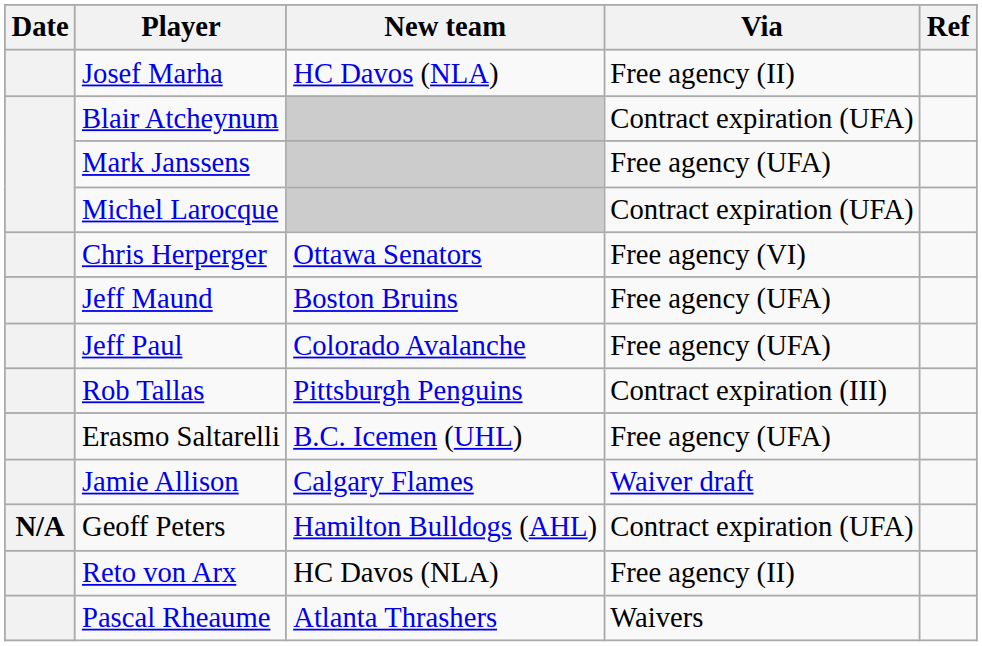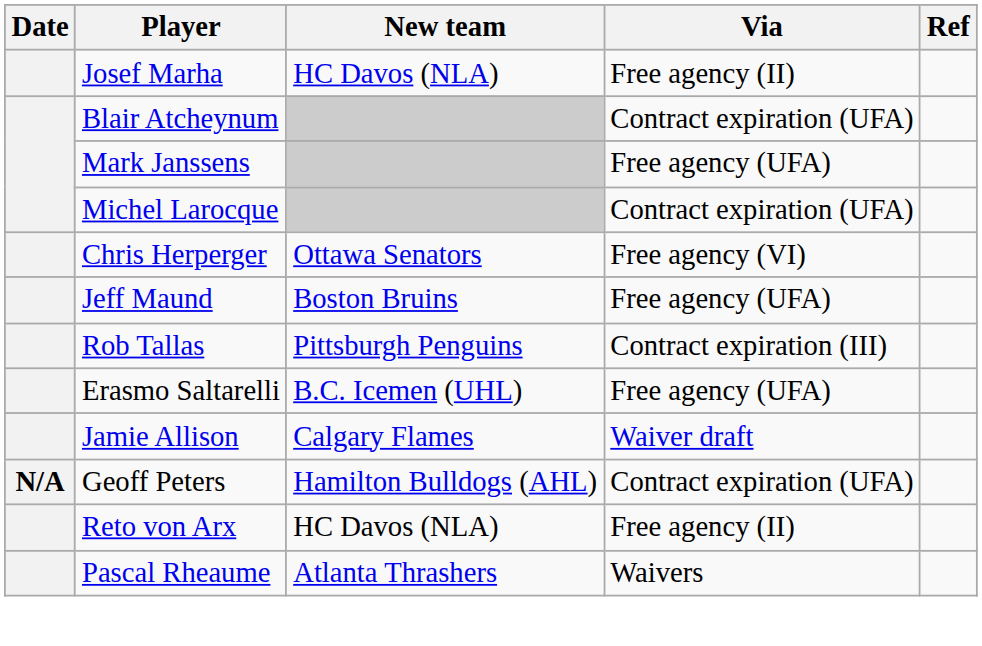 <table class="wikitable plainrowheaders">
 <tr style="background:#ddd; text-align:center;">
 <th>Date</th>
 <th>Player</th>
 <th>New team</th>
 <th>Via</th>
 <th>Ref</th>
 </tr>
 <tr>
 <th scope="row"></th>
 <td><a href='#'>Josef Marha</a></td>
 <td><a href='#'>HC Davos</a> (<a href='#'>NLA</a>)</td>
 <td>Free agency (II)</td>
 <td></td>
 </tr>
 <tr>
 <th scope="row" rowspan=3></th>
 <td><a href='#'>Blair Atcheynum</a></td>
 <td style="background:#ccc"></td>
 <td>Contract expiration (UFA)</td>
 <td></td>
 </tr>
 <tr>
 <td><a href='#'>Mark Janssens</a></td>
 <td style="background:#ccc"></td>
 <td>Free agency (UFA)</td>
 <td></td>
 </tr>
 <tr>
 <td><a href='#'>Michel Larocque</a></td>
 <td style="background:#ccc"></td>
 <td>Contract expiration (UFA)</td>
 <td></td>
 </tr>
 <tr>
 <th scope="row"></th>
 <td><a href='#'>Chris Herperger</a></td>
 <td><a href='#'>Ottawa Senators</a></td>
 <td>Free agency (VI)</td>
 <td></td>
 </tr>
 <tr>
 <th scope="row"></th>
 <td><a href='#'>Jeff Maund</a></td>
 <td><a href='#'>Boston Bruins</a></td>
 <td>Free agency (UFA)</td>
 <td></td>
 </tr>
 <tr>
 <th scope="row"></th>
-<td><a href='#'>Jeff Paul</a></td>
-<td><a href='#'>Colorado Avalanche</a></td>
-<td>Free agency (UFA)</td>
-<td></td>
-</tr>
-<tr>
-<th scope="row"></th>
 <td><a href='#'>Rob Tallas</a></td>
 <td><a href='#'>Pittsburgh Penguins</a></td>
 <td>Contract expiration (III)</td>
 <td></td>
 </tr>
 <tr>
 <th scope="row"></th>
 <td>Erasmo Saltarelli</td>
 <td><a href='#'>B.C. Icemen</a> (<a href='#'>UHL</a>)</td>
 <td>Free agency (UFA)</td>
 <td></td>
 </tr>
 <tr>
 <th scope="row"></th>
 <td><a href='#'>Jamie Allison</a></td>
 <td><a href='#'>Calgary Flames</a></td>
 <td><a href='#'>Waiver draft</a></td>
 <td></td>
 </tr>
 <tr>
 <th scope="row">N/A</th>
 <td>Geoff Peters</td>
 <td><a href='#'>Hamilton Bulldogs</a> (<a href='#'>AHL</a>)</td>
 <td>Contract expiration (UFA)</td>
 <td></td>
 </tr>
 <tr>
 <th scope="row"></th>
 <td><a href='#'>Reto von Arx</a></td>
 <td>HC Davos (NLA)</td>
 <td>Free agency (II)</td>
 <td></td>
 </tr>
 <tr>
 <th scope="row"></th>
 <td><a href='#'>Pascal Rheaume</a></td>
 <td><a href='#'>Atlanta Thrashers</a></td>
 <td>Waivers</td>
 <td></td>
 </tr>
 </table>
